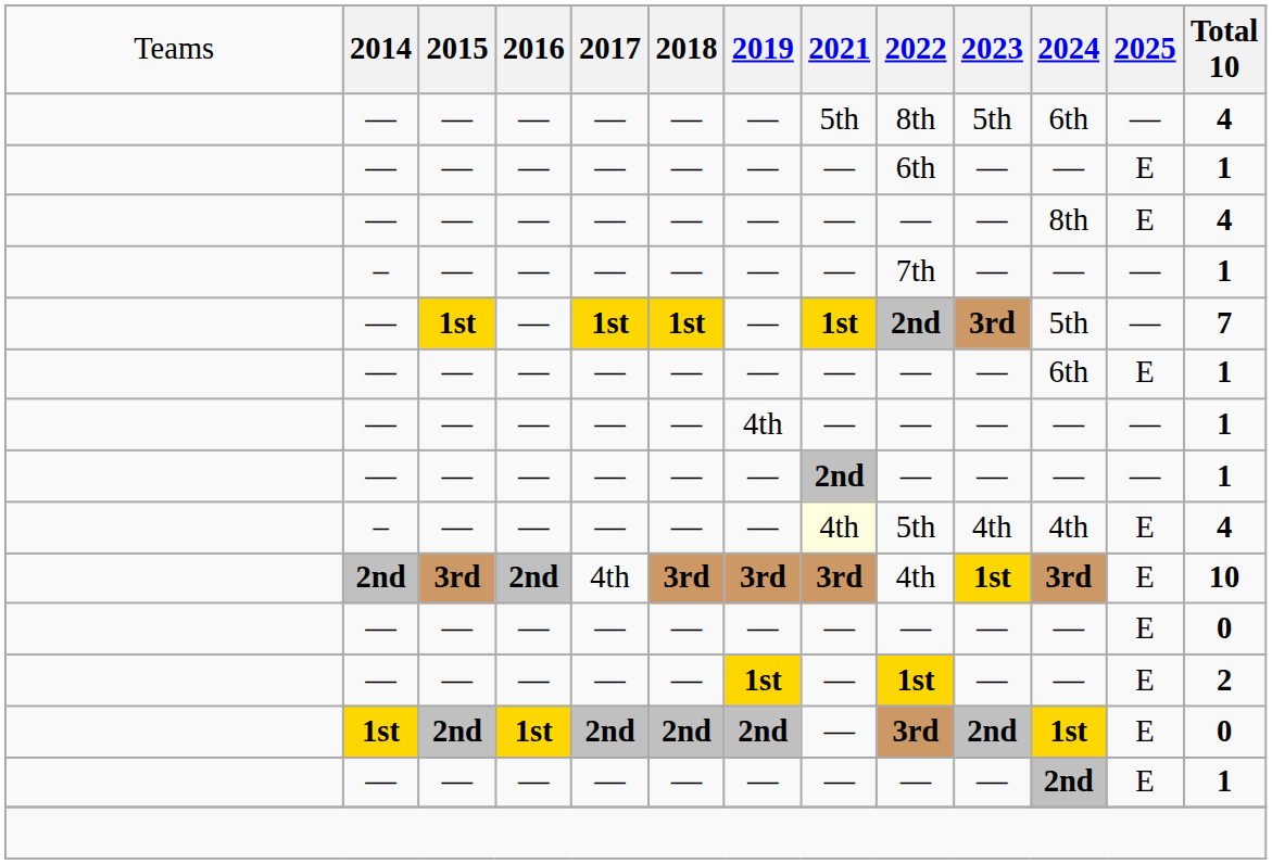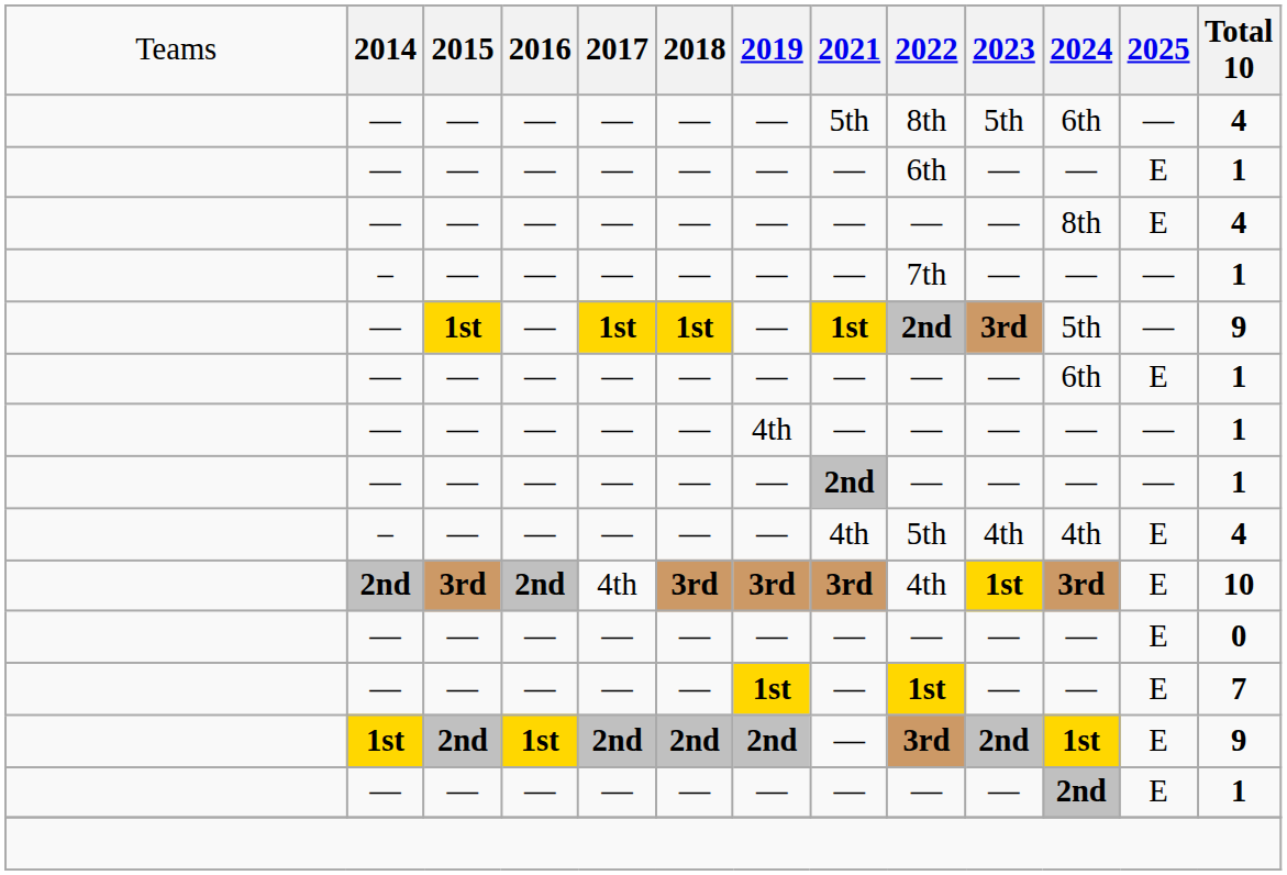 <table class="wikitable" style="text-align:center; font-size:90%">
 <tr>
 <td width="150">Teams</td>
 <th>2014</th>
 <th>2015</th>
 <th>2016</th>
 <th>2017</th>
 <th>2018</th>
 <th><a href='#'>2019</a></th>
 <th><a href='#'>2021</a></th>
 <th><a href='#'>2022</a></th>
 <th><a href='#'>2023</a></th>
 <th><a href='#'>2024</a></th>
 <th><a href='#'>2025</a></th>
 <th>Total<br>10</th>
 </tr>
 <tr>
 <td align=left></td>
 <td>—</td>
 <td>—</td>
 <td>—</td>
 <td>—</td>
 <td>—</td>
 <td>—</td>
 <td>5th</td>
 <td>8th</td>
 <td>5th</td>
 <td>6th</td>
 <td>—</td>
 <td><strong>4</strong></td>
 </tr>
 <tr>
 <td align=left></td>
 <td>—</td>
 <td>—</td>
 <td>—</td>
 <td>—</td>
 <td>—</td>
 <td>—</td>
 <td>—</td>
 <td>6th</td>
 <td>—</td>
 <td>—</td>
 <td>E</td>
 <td><strong>1</strong></td>
 </tr>
 <tr>
 <td align=left></td>
 <td>—</td>
 <td>—</td>
 <td>—</td>
 <td>—</td>
 <td>—</td>
 <td>—</td>
 <td>—</td>
 <td>—</td>
 <td>—</td>
 <td>8th</td>
 <td>E</td>
 <td><strong>4</strong></td>
 </tr>
 <tr>
 <td align=left></td>
 <td>–</td>
 <td>—</td>
 <td>—</td>
 <td>—</td>
 <td>—</td>
 <td>—</td>
 <td>—</td>
 <td>7th</td>
 <td>—</td>
 <td>—</td>
 <td>—</td>
 <td><strong>1</strong></td>
 </tr>
 <tr>
 <td align=left></td>
 <td>—</td>
 <td bgcolor=Gold><strong>1st</strong></td>
 <td>—</td>
 <td bgcolor=Gold><strong>1st</strong></td>
 <td bgcolor=Gold><strong>1st</strong></td>
 <td>—</td>
 <td bgcolor=Gold><strong>1st</strong></td>
 <td bgcolor=Silver><strong>2nd</strong></td>
 <td bgcolor=#cc9966><strong>3rd</strong></td>
 <td>5th</td>
 <td>—</td>
-<td><strong>7</strong></td>
+<td><strong>9</strong></td>
 </tr>
 <tr>
 <td align=left></td>
 <td>—</td>
 <td>—</td>
 <td>—</td>
 <td>—</td>
 <td>—</td>
 <td>—</td>
 <td>—</td>
 <td>—</td>
 <td>—</td>
 <td>6th</td>
 <td>E</td>
 <td><strong>1</strong></td>
 </tr>
 <tr>
 <td align=left></td>
 <td>—</td>
 <td>—</td>
 <td>—</td>
 <td>—</td>
 <td>—</td>
 <td>4th</td>
 <td>—</td>
 <td>—</td>
 <td>—</td>
 <td>—</td>
 <td>—</td>
 <td><strong>1</strong></td>
 </tr>
 <tr>
 <td align=left></td>
 <td>—</td>
 <td>—</td>
 <td>—</td>
 <td>—</td>
 <td>—</td>
 <td>—</td>
 <td bgcolor=Silver><strong>2nd</strong></td>
 <td>—</td>
 <td>—</td>
 <td>—</td>
 <td>—</td>
 <td><strong>1</strong></td>
 </tr>
 <tr>
 <td align=left></td>
 <td>–</td>
 <td>—</td>
 <td>—</td>
 <td>—</td>
 <td>—</td>
 <td>—</td>
-<td style="background: lightyellow;">4th</td>
+<td>4th</td>
 <td>5th</td>
 <td>4th</td>
 <td>4th</td>
 <td>E</td>
 <td><strong>4</strong></td>
 </tr>
 <tr>
 <td align=left></td>
 <td bgcolor=Silver><strong>2nd</strong></td>
 <td bgcolor=#cc9966><strong>3rd</strong></td>
 <td bgcolor=Silver><strong>2nd</strong></td>
 <td>4th</td>
 <td bgcolor=#cc9966><strong>3rd</strong></td>
 <td bgcolor=#cc9966><strong>3rd</strong></td>
 <td bgcolor=#cc9966><strong>3rd</strong></td>
 <td>4th</td>
 <td bgcolor=Gold><strong>1st</strong></td>
 <td bgcolor=#cc9966><strong>3rd</strong></td>
 <td>E</td>
 <td><strong>10</strong></td>
 </tr>
 <tr>
 <td align=left></td>
 <td>—</td>
 <td>—</td>
 <td>—</td>
 <td>—</td>
 <td>—</td>
 <td>—</td>
 <td>—</td>
 <td>—</td>
 <td>—</td>
 <td>—</td>
 <td>E</td>
 <td><strong>0</strong></td>
 </tr>
 <tr>
 <td align=left></td>
 <td>—</td>
 <td>—</td>
 <td>—</td>
 <td>—</td>
 <td>—</td>
 <td bgcolor=Gold><strong>1st</strong></td>
 <td>—</td>
 <td bgcolor=Gold><strong>1st</strong></td>
 <td>—</td>
 <td>—</td>
 <td>E</td>
-<td><strong>2</strong></td>
+<td><strong>7</strong></td>
 </tr>
 <tr>
 <td align=left></td>
 <td bgcolor=Gold><strong>1st</strong></td>
 <td bgcolor=Silver><strong>2nd</strong></td>
 <td bgcolor=Gold><strong>1st</strong></td>
 <td bgcolor=Silver><strong>2nd</strong></td>
 <td bgcolor=Silver><strong>2nd</strong></td>
 <td bgcolor=Silver><strong>2nd</strong></td>
 <td>—</td>
 <td bgcolor=#cc9966><strong>3rd</strong></td>
 <td bgcolor=Silver><strong>2nd</strong></td>
 <td bgcolor=Gold><strong>1st</strong></td>
 <td>E</td>
-<td><strong>0</strong></td>
+<td><strong>9</strong></td>
 </tr>
 <tr>
 <td align=left></td>
 <td>—</td>
 <td>—</td>
 <td>—</td>
 <td>—</td>
 <td>—</td>
 <td>—</td>
 <td>—</td>
 <td>—</td>
 <td>—</td>
 <td bgcolor=Silver><strong>2nd</strong></td>
 <td>E</td>
 <td><strong>1</strong></td>
 </tr>
 <tr>
 </tr>
 <tr class=sortbottom>
 <td colspan=13 style="text-align:left;"><small><br></small></td>
 </tr>
 </table>
